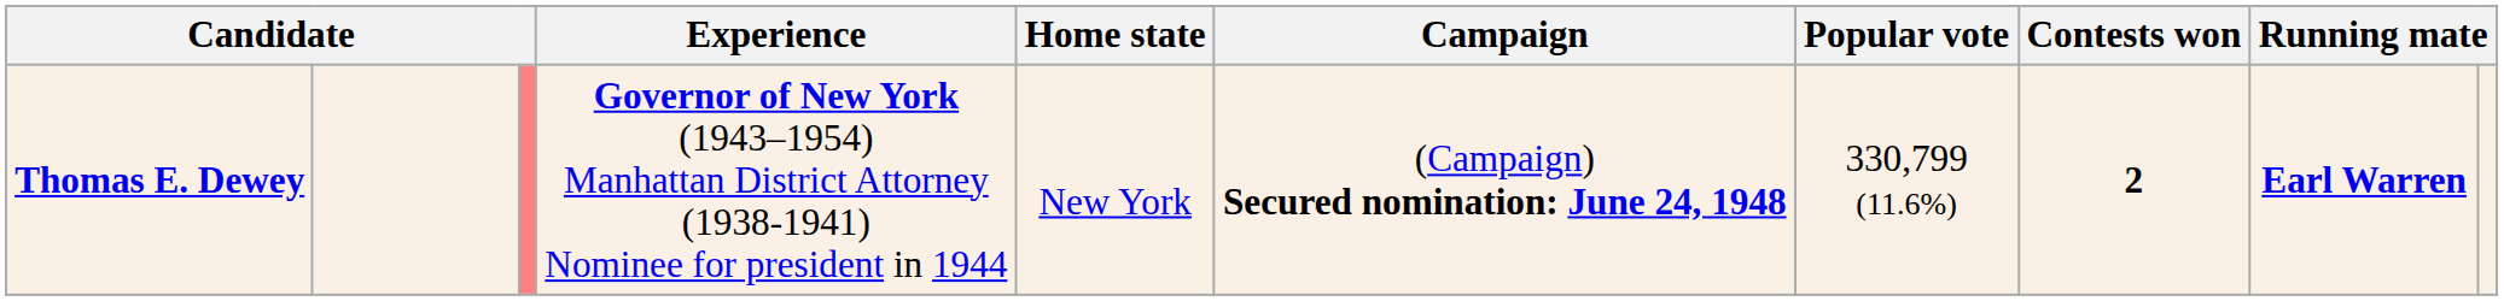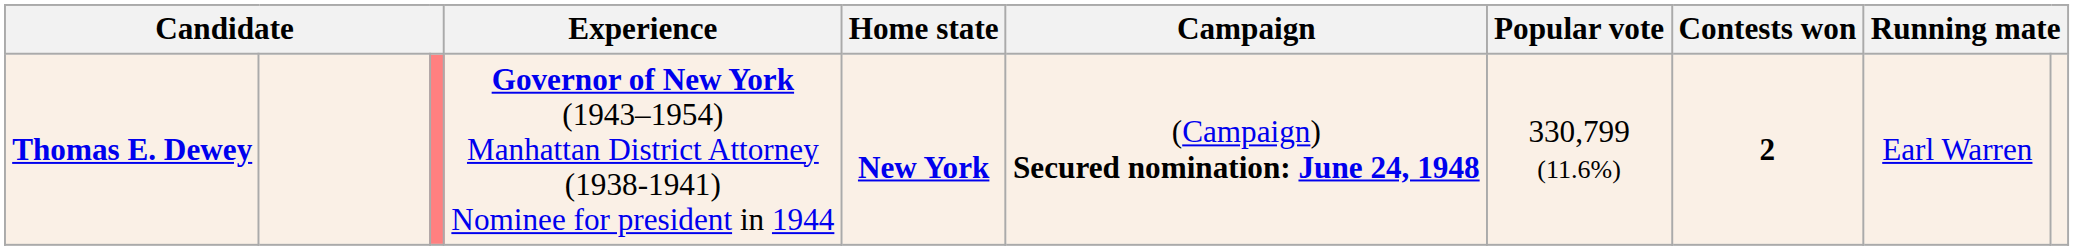 <table class="wikitable sortable" style="text-align:center;">
 <tr>
 <th colspan="3">Candidate</th>
 <th class="unsortable"><strong>Experience</strong></th>
 <th>Home state</th>
 <th data-sort-type="date">Campaign</th>
 <th>Popular vote</th>
 <th>Contests won</th>
 <th colspan="2">Running mate</th>
 </tr>
 <tr style="background:linen;">
 <th scope="row" data-sort-="" style="background:linen;"><a href='#'>Thomas E. Dewey</a></th>
 <td style="min-width:80px;"></td>
 <td style="background:#FF8080;"></td>
 <td><strong><a href='#'>Governor of New York</a></strong><br>(1943–1954)<br><a href='#'>Manhattan District Attorney</a><br>(1938-1941)<br><a href='#'>Nominee for president</a> in <a href='#'>1944</a></td>
-<td><br><a href='#'>New York</a></td>
+<td><strong><br><a href='#'>New York</a></strong></td>
 <td>(<a href='#'>Campaign</a>)<br><strong>Secured nomination:</strong> <strong><a href='#'>June 24, 1948</a></strong></td>
 <td>330,799<br><small>(</small><small>11.6%)</small></td>
 <td><strong>2</strong></td>
-<td><strong><a href='#'>Earl Warren</a></strong></td>
+<td><a href='#'>Earl Warren</a></td>
 <td></td>
 </tr>
 </table>
